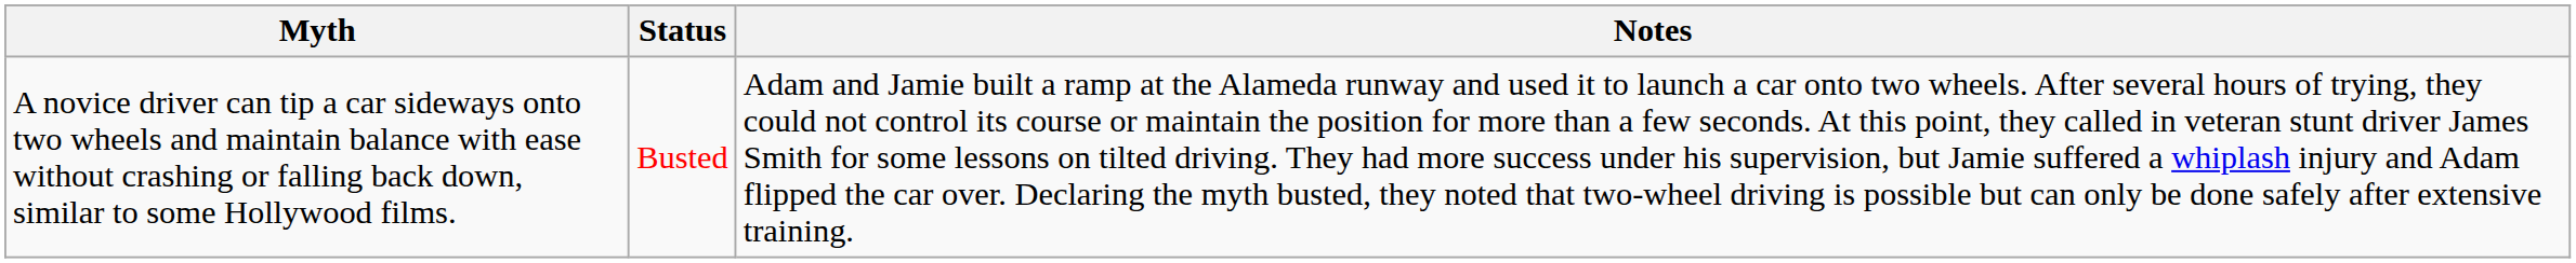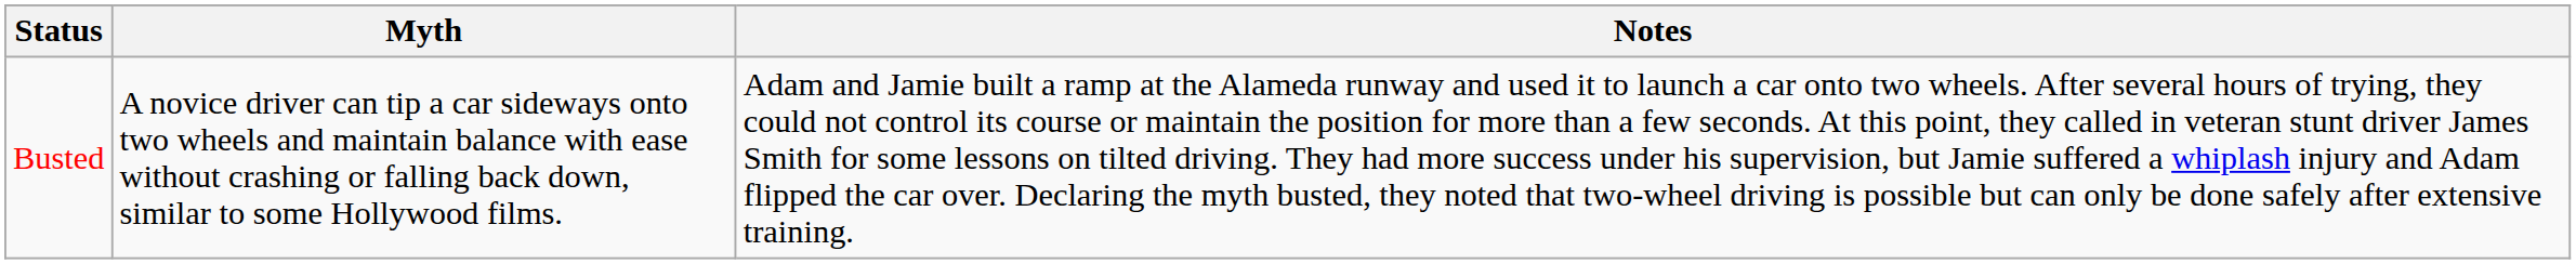 <table class="wikitable plainrowheaders">
 <tr>
+<th scope"col">Status</th>
 <th scope"col">Myth</th>
-<th scope"col">Status</th>
 <th scope"col">Notes</th>
 </tr>
 <tr>
+<td style="color:red">Busted</td>
 <td scope"row">A novice driver can tip a car sideways onto two wheels and maintain balance with ease without crashing or falling back down, similar to some Hollywood films.</td>
-<td style="color:red">Busted</td>
 <td>Adam and Jamie built a ramp at the Alameda runway and used it to launch a car onto two wheels. After several hours of trying, they could not control its course or maintain the position for more than a few seconds. At this point, they called in veteran stunt driver James Smith for some lessons on tilted driving. They had more success under his supervision, but Jamie suffered a <a href='#'>whiplash</a> injury and Adam flipped the car over. Declaring the myth busted, they noted that two-wheel driving is possible but can only be done safely after extensive training.</td>
 </tr>
 </table>
